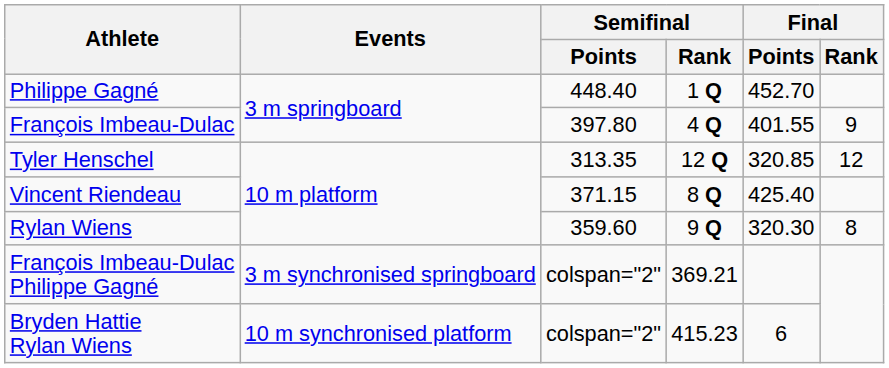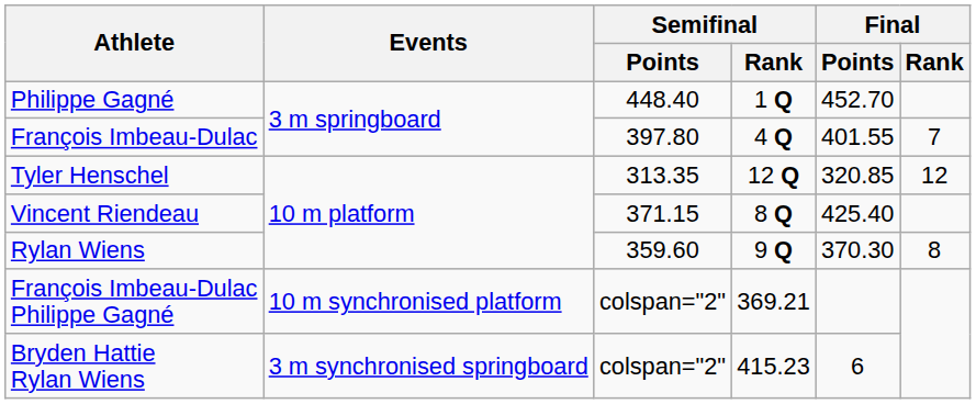 <table class=wikitable style="font-size:90%">
 <tr>
 <th rowspan="2">Athlete</th>
 <th rowspan="2">Events</th>
 <th colspan="2">Semifinal</th>
 <th colspan="2">Final</th>
 </tr>
 <tr>
 <th>Points</th>
 <th>Rank</th>
 <th>Points</th>
 <th>Rank</th>
 </tr>
 <tr align=center>
 <td align=left><a href='#'>Philippe Gagné</a></td>
 <td align=left rowspan=2><a href='#'>3 m springboard</a></td>
 <td>448.40</td>
 <td>1 <strong>Q</strong></td>
 <td>452.70</td>
 <td></td>
 </tr>
 <tr align=center>
 <td align=left><a href='#'>François Imbeau-Dulac</a></td>
 <td>397.80</td>
 <td>4 <strong>Q</strong></td>
 <td>401.55</td>
-<td>9</td>
+<td>7</td>
 </tr>
 <tr align=center>
 <td align=left><a href='#'>Tyler Henschel</a></td>
 <td align=left rowspan=3><a href='#'>10 m platform</a></td>
 <td>313.35</td>
 <td>12 <strong>Q</strong></td>
 <td>320.85</td>
 <td>12</td>
 </tr>
 <tr align=center>
 <td align=left><a href='#'>Vincent Riendeau</a></td>
 <td>371.15</td>
 <td>8 <strong>Q</strong></td>
 <td>425.40</td>
 <td></td>
 </tr>
 <tr align=center>
 <td align=left><a href='#'>Rylan Wiens</a></td>
 <td>359.60</td>
 <td>9 <strong>Q</strong></td>
-<td>320.30</td>
+<td>370.30</td>
 <td>8</td>
 </tr>
 <tr align=center>
 <td align=left><a href='#'>François Imbeau-Dulac</a><br><a href='#'>Philippe Gagné</a></td>
-<td align=left><a href='#'>3 m synchronised springboard</a></td>
+<td align=left><a href='#'>10 m synchronised platform</a></td>
 <td>colspan="2" </td>
 <td>369.21</td>
 <td></td>
 </tr>
 <tr align=center>
 <td align=left><a href='#'>Bryden Hattie</a><br><a href='#'>Rylan Wiens</a></td>
-<td align=left><a href='#'>10 m synchronised platform</a></td>
+<td align=left><a href='#'>3 m synchronised springboard</a></td>
 <td>colspan="2" </td>
 <td>415.23</td>
 <td>6</td>
 </tr>
 </table>
